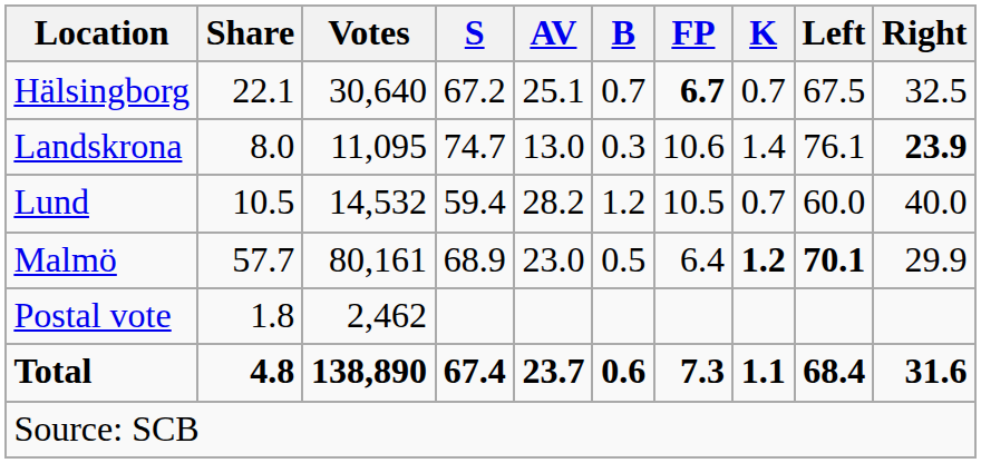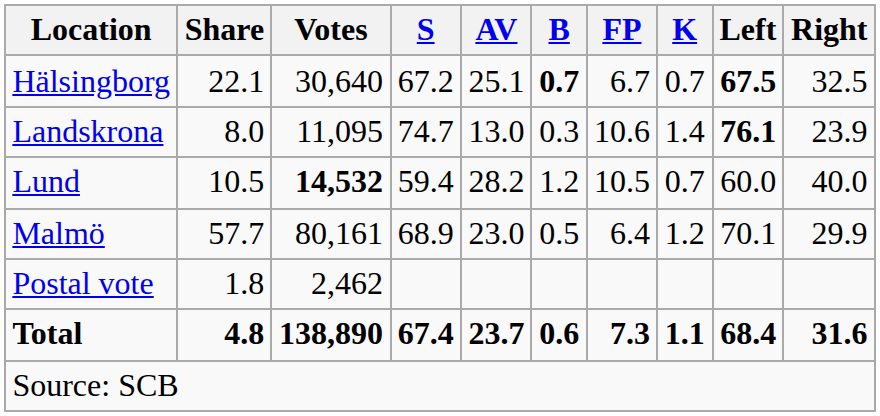 <table class="wikitable sortable" style=text-align:right>
 <tr>
 <th>Location</th>
 <th>Share</th>
 <th>Votes</th>
 <th><a href='#'>S</a></th>
 <th><a href='#'>AV</a></th>
 <th><a href='#'>B</a></th>
 <th><a href='#'>FP</a></th>
 <th><a href='#'>K</a></th>
 <th>Left</th>
 <th>Right</th>
 </tr>
 <tr>
 <td align=left><a href='#'>Hälsingborg</a></td>
 <td>22.1</td>
 <td>30,640</td>
 <td>67.2</td>
 <td>25.1</td>
+<td><strong>0.7</strong></td>
+<td>6.7</td>
 <td>0.7</td>
-<td><strong>6.7</strong></td>
-<td>0.7</td>
-<td>67.5</td>
+<td><strong>67.5</strong></td>
 <td>32.5</td>
 </tr>
 <tr>
 <td align=left><a href='#'>Landskrona</a></td>
 <td>8.0</td>
 <td>11,095</td>
 <td>74.7</td>
 <td>13.0</td>
 <td>0.3</td>
 <td>10.6</td>
 <td>1.4</td>
-<td>76.1</td>
-<td><strong>23.9</strong></td>
+<td><strong>76.1</strong></td>
+<td>23.9</td>
 </tr>
 <tr>
 <td align=left><a href='#'>Lund</a></td>
 <td>10.5</td>
-<td>14,532</td>
+<td><strong>14,532</strong></td>
 <td>59.4</td>
 <td>28.2</td>
 <td>1.2</td>
 <td>10.5</td>
 <td>0.7</td>
 <td>60.0</td>
 <td>40.0</td>
 </tr>
 <tr>
 <td align=left><a href='#'>Malmö</a></td>
 <td>57.7</td>
 <td>80,161</td>
 <td>68.9</td>
 <td>23.0</td>
 <td>0.5</td>
 <td>6.4</td>
-<td><strong>1.2</strong></td>
-<td><strong>70.1</strong></td>
+<td>1.2</td>
+<td>70.1</td>
 <td>29.9</td>
 </tr>
 <tr>
 <td align=left><a href='#'>Postal vote</a></td>
 <td>1.8</td>
 <td>2,462</td>
 <td></td>
 <td></td>
 <td></td>
 <td></td>
 <td></td>
 <td></td>
 <td></td>
 </tr>
 <tr>
 <td align=left><strong>Total</strong></td>
 <td><strong>4.8</strong></td>
 <td><strong>138,890</strong></td>
 <td><strong>67.4</strong></td>
 <td><strong>23.7</strong></td>
 <td><strong>0.6</strong></td>
 <td><strong>7.3</strong></td>
 <td><strong>1.1</strong></td>
 <td><strong>68.4</strong></td>
 <td><strong>31.6</strong></td>
 </tr>
 <tr>
 <td align=left colspan=10>Source: SCB </td>
 </tr>
 </table>
